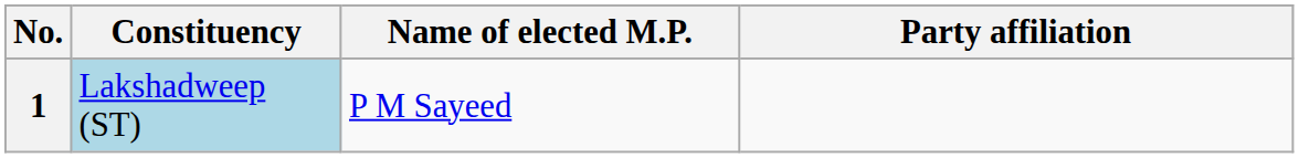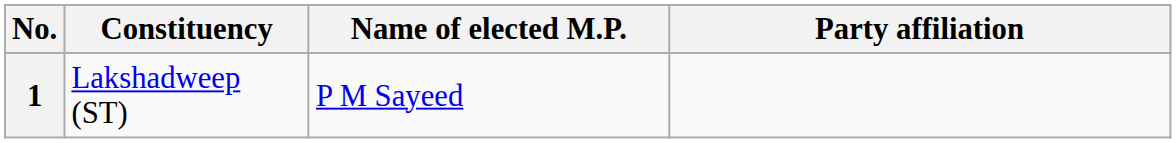 <table class="wikitable">
 <tr style="background:#ccc; text-align:center;">
 <th>No.</th>
 <th style="width:120px">Constituency</th>
 <th style="width:180px">Name of elected M.P.</th>
 <th colspan="2" style="width:18em">Party affiliation</th>
 </tr>
 <tr>
 <th>1</th>
-<td style="background: lightblue;"><a href='#'>Lakshadweep</a> (ST)</td>
+<td><a href='#'>Lakshadweep</a> (ST)</td>
 <td><a href='#'>P M Sayeed</a></td>
 <td></td>
 </tr>
 </table>
